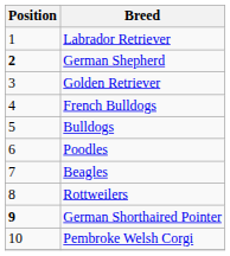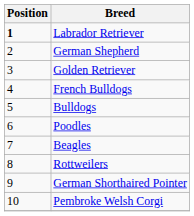 <table class="wikitable sortable">
 <tr>
 <th>Position</th>
 <th>Breed</th>
 </tr>
 <tr>
-<td>1</td>
+<td><strong>1</strong></td>
 <td><a href='#'>Labrador Retriever</a></td>
 </tr>
 <tr>
-<td><strong>2</strong></td>
+<td>2</td>
 <td><a href='#'>German Shepherd</a></td>
 </tr>
 <tr>
 <td>3</td>
 <td><a href='#'>Golden Retriever</a></td>
 </tr>
 <tr>
 <td>4</td>
 <td><a href='#'>French Bulldogs</a></td>
 </tr>
 <tr>
 <td>5</td>
 <td><a href='#'>Bulldogs</a></td>
 </tr>
 <tr>
 <td>6</td>
 <td><a href='#'>Poodles</a></td>
 </tr>
 <tr>
 <td>7</td>
 <td><a href='#'>Beagles</a></td>
 </tr>
 <tr>
 <td>8</td>
 <td><a href='#'>Rottweilers</a></td>
 </tr>
 <tr>
-<td><strong>9</strong></td>
+<td>9</td>
 <td><a href='#'>German Shorthaired Pointer</a></td>
 </tr>
 <tr>
 <td>10</td>
 <td><a href='#'>Pembroke Welsh Corgi</a></td>
 </tr>
 <tr>
 </tr>
 </table>
